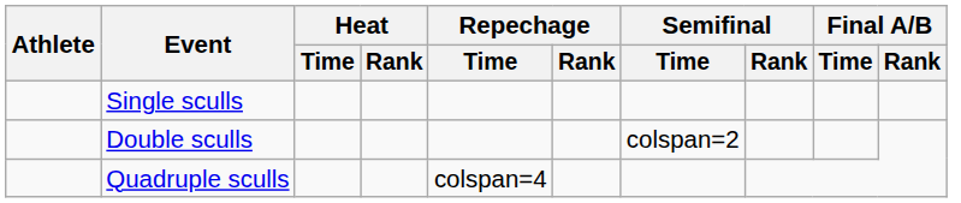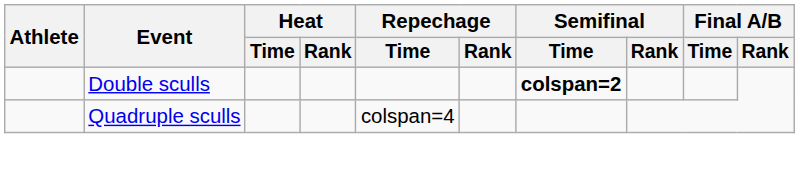 <table class=wikitable style=font-size:90%;text-align:center>
 <tr>
 <th rowspan=2>Athlete</th>
 <th rowspan=2>Event</th>
 <th colspan=2>Heat</th>
 <th colspan=2>Repechage</th>
 <th colspan=2>Semifinal</th>
 <th colspan=2>Final A/B</th>
 </tr>
 <tr style=font-size:95%>
 <th>Time</th>
 <th>Rank</th>
 <th>Time</th>
 <th>Rank</th>
 <th>Time</th>
 <th>Rank</th>
 <th>Time</th>
 <th>Rank</th>
 </tr>
 <tr>
 <td align=left></td>
-<td align=left><a href='#'>Single sculls</a></td>
-<td></td>
-<td></td>
-<td></td>
-<td></td>
-<td></td>
-<td></td>
-<td></td>
-<td></td>
-</tr>
-<tr>
-<td align=left></td>
 <td align=left><a href='#'>Double sculls</a></td>
 <td></td>
 <td></td>
 <td></td>
 <td></td>
-<td>colspan=2 </td>
+<td><strong>colspan=2 </strong></td>
 <td></td>
 <td></td>
 </tr>
 <tr>
 <td align=left></td>
 <td align=left><a href='#'>Quadruple sculls</a></td>
 <td></td>
 <td></td>
 <td>colspan=4 </td>
 <td></td>
 <td></td>
 </tr>
 </table>
